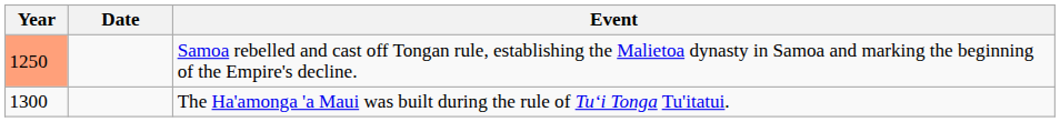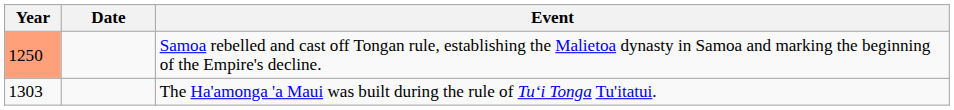 <table class="wikitable" width="100%">
 <tr>
 <th style="width:6%">Year</th>
 <th style="width:10%">Date</th>
 <th>Event</th>
 </tr>
 <tr>
 <td style="background: lightsalmon;">1250</td>
 <td></td>
 <td><a href='#'>Samoa</a> rebelled and cast off Tongan rule, establishing the <a href='#'>Malietoa</a> dynasty in Samoa and marking the beginning of the Empire's decline.</td>
 </tr>
 <tr>
-<td>1300</td>
+<td>1303</td>
 <td></td>
 <td>The <a href='#'>Ha'amonga 'a Maui</a> was built during the rule of <em><a href='#'>Tuʻi Tonga</a></em> <a href='#'>Tu'itatui</a>.</td>
 </tr>
 </table>
